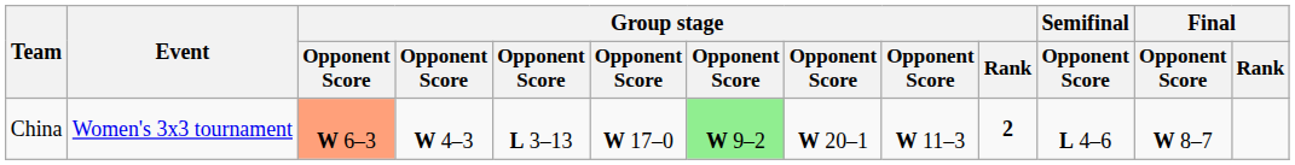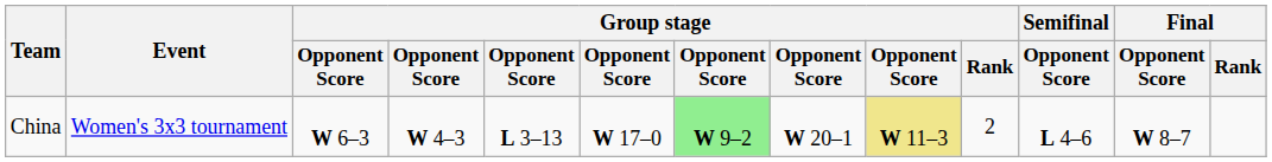 <table class="wikitable" style="font-size:90%">
 <tr>
 <th rowspan=2>Team</th>
 <th rowspan=2>Event</th>
 <th colspan=8>Group stage</th>
 <th>Semifinal</th>
 <th colspan=2>Final</th>
 </tr>
 <tr style="font-size:95%">
 <th>Opponent<br>Score</th>
 <th>Opponent<br>Score</th>
 <th>Opponent<br>Score</th>
 <th>Opponent<br>Score</th>
 <th>Opponent<br>Score</th>
 <th>Opponent<br>Score</th>
 <th>Opponent<br>Score</th>
 <th>Rank</th>
 <th>Opponent<br>Score</th>
 <th>Opponent<br>Score</th>
 <th>Rank</th>
 </tr>
 <tr align=center>
 <td align=left>China</td>
 <td align=left><a href='#'>Women's 3x3 tournament</a></td>
-<td style="background: lightsalmon;"><br><strong>W</strong> 6–3</td>
+<td><br><strong>W</strong> 6–3</td>
 <td><br><strong>W</strong> 4–3</td>
 <td><br><strong>L</strong> 3–13</td>
 <td><br><strong>W</strong> 17–0</td>
 <td style="background: lightgreen;"><br><strong>W</strong> 9–2</td>
 <td><br><strong>W</strong> 20–1</td>
-<td><br><strong>W</strong> 11–3</td>
-<td><strong>2</strong></td>
+<td style="background: khaki;"><br><strong>W</strong> 11–3</td>
+<td>2</td>
 <td><br><strong>L</strong> 4–6</td>
 <td><br><strong>W</strong> 8–7</td>
 <td></td>
 </tr>
 </table>
